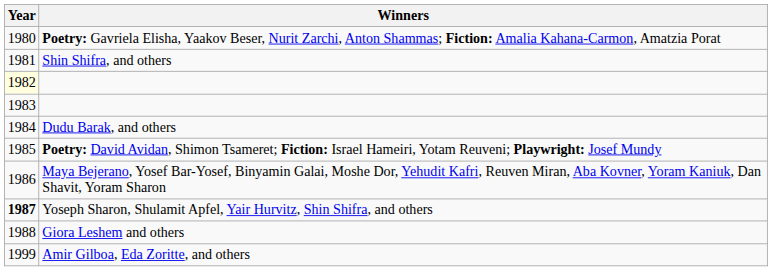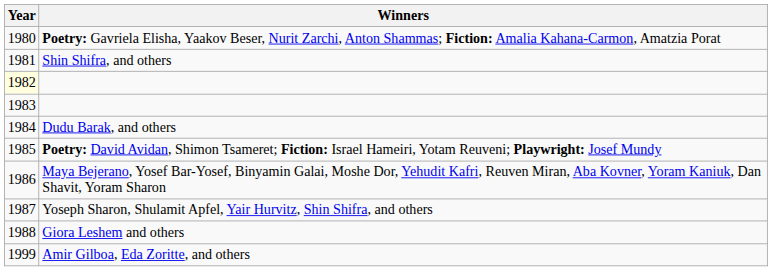 <table class="wikitable">
 <tr>
 <th>Year</th>
 <th>Winners</th>
 </tr>
 <tr>
 <td>1980</td>
 <td><strong>Poetry:</strong> Gavriela Elisha, Yaakov Beser, <a href='#'>Nurit Zarchi</a>, <a href='#'>Anton Shammas</a>; <strong>Fiction:</strong> <a href='#'>Amalia Kahana-Carmon</a>, Amatzia Porat</td>
 </tr>
 <tr>
 <td>1981</td>
 <td><a href='#'>Shin Shifra</a>, and others</td>
 </tr>
 <tr>
 <td style="background: lightyellow;">1982</td>
 <td></td>
 </tr>
 <tr>
 <td>1983</td>
 <td></td>
 </tr>
 <tr>
 <td>1984</td>
 <td><a href='#'>Dudu Barak</a>, and others</td>
 </tr>
 <tr>
 <td>1985</td>
 <td><strong>Poetry:</strong> <a href='#'>David Avidan</a>, Shimon Tsameret; <strong>Fiction:</strong> Israel Hameiri, Yotam Reuveni; <strong>Playwright:</strong> <a href='#'>Josef Mundy</a></td>
 </tr>
 <tr>
 <td>1986</td>
 <td><a href='#'>Maya Bejerano</a>, Yosef Bar-Yosef, Binyamin Galai, Moshe Dor, <a href='#'>Yehudit Kafri</a>, Reuven Miran, <a href='#'>Aba Kovner</a>, <a href='#'>Yoram Kaniuk</a>, Dan Shavit, Yoram Sharon</td>
 </tr>
 <tr>
-<td><strong>1987</strong></td>
+<td>1987</td>
 <td>Yoseph Sharon, Shulamit Apfel, <a href='#'>Yair Hurvitz</a>, <a href='#'>Shin Shifra</a>, and others</td>
 </tr>
 <tr>
 <td>1988</td>
 <td><a href='#'>Giora Leshem</a> and others</td>
 </tr>
 <tr>
 <td>1999</td>
 <td><a href='#'>Amir Gilboa</a>, <a href='#'>Eda Zoritte</a>, and others</td>
 </tr>
 </table>
